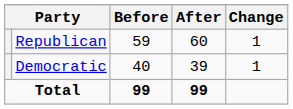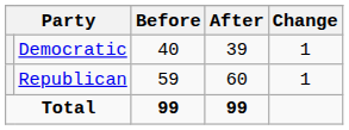 <table class="wikitable" style="text-align:center;">
 <tr>
 </tr>
 <tr>
 <th colspan=2>Party</th>
 <th>Before</th>
 <th>After</th>
 <th>Change</th>
 </tr>
 <tr>
 <th style="background-color:"></th>
-<td style="text-align:left;"><a href='#'>Republican</a></td>
-<td>59</td>
-<td>60</td>
+<td style="text-align:left;"><a href='#'>Democratic</a></td>
+<td>40</td>
+<td>39</td>
 <td> 1</td>
 </tr>
 <tr>
 <th style="background-color:"></th>
-<td style="text-align:left;"><a href='#'>Democratic</a></td>
-<td>40</td>
-<td>39</td>
+<td style="text-align:left;"><a href='#'>Republican</a></td>
+<td>59</td>
+<td>60</td>
 <td> 1</td>
 </tr>
 <tr>
 <td colspan=2><strong>Total</strong></td>
 <td><strong>99</strong></td>
 <td><strong>99</strong></td>
 <td></td>
 </tr>
 </table>
